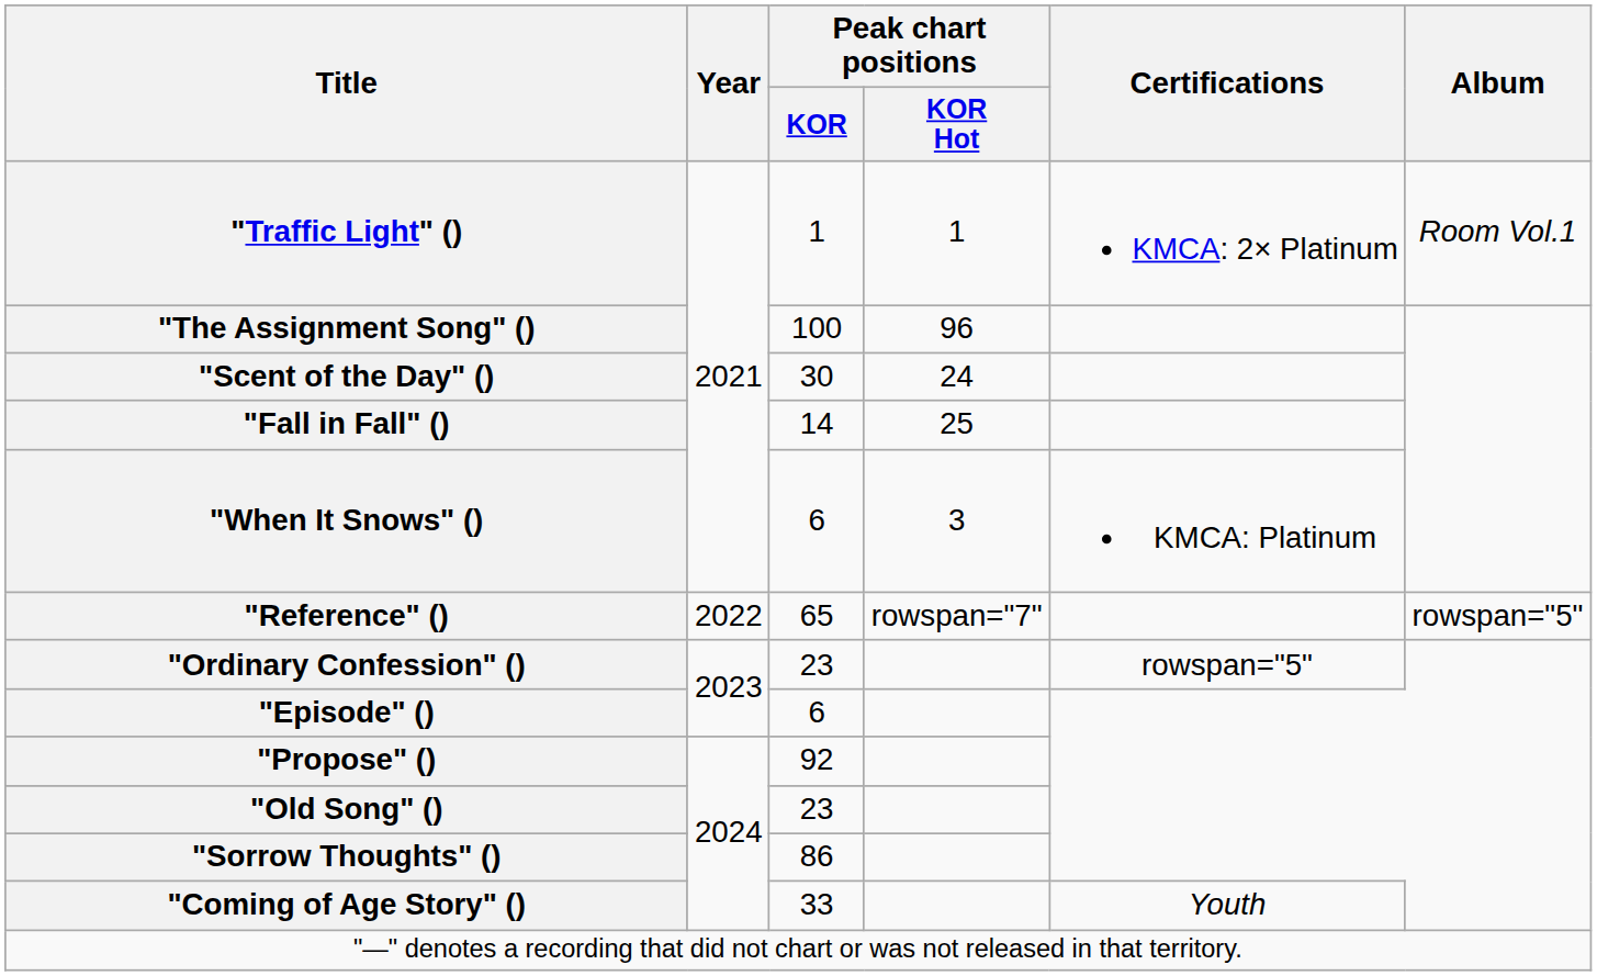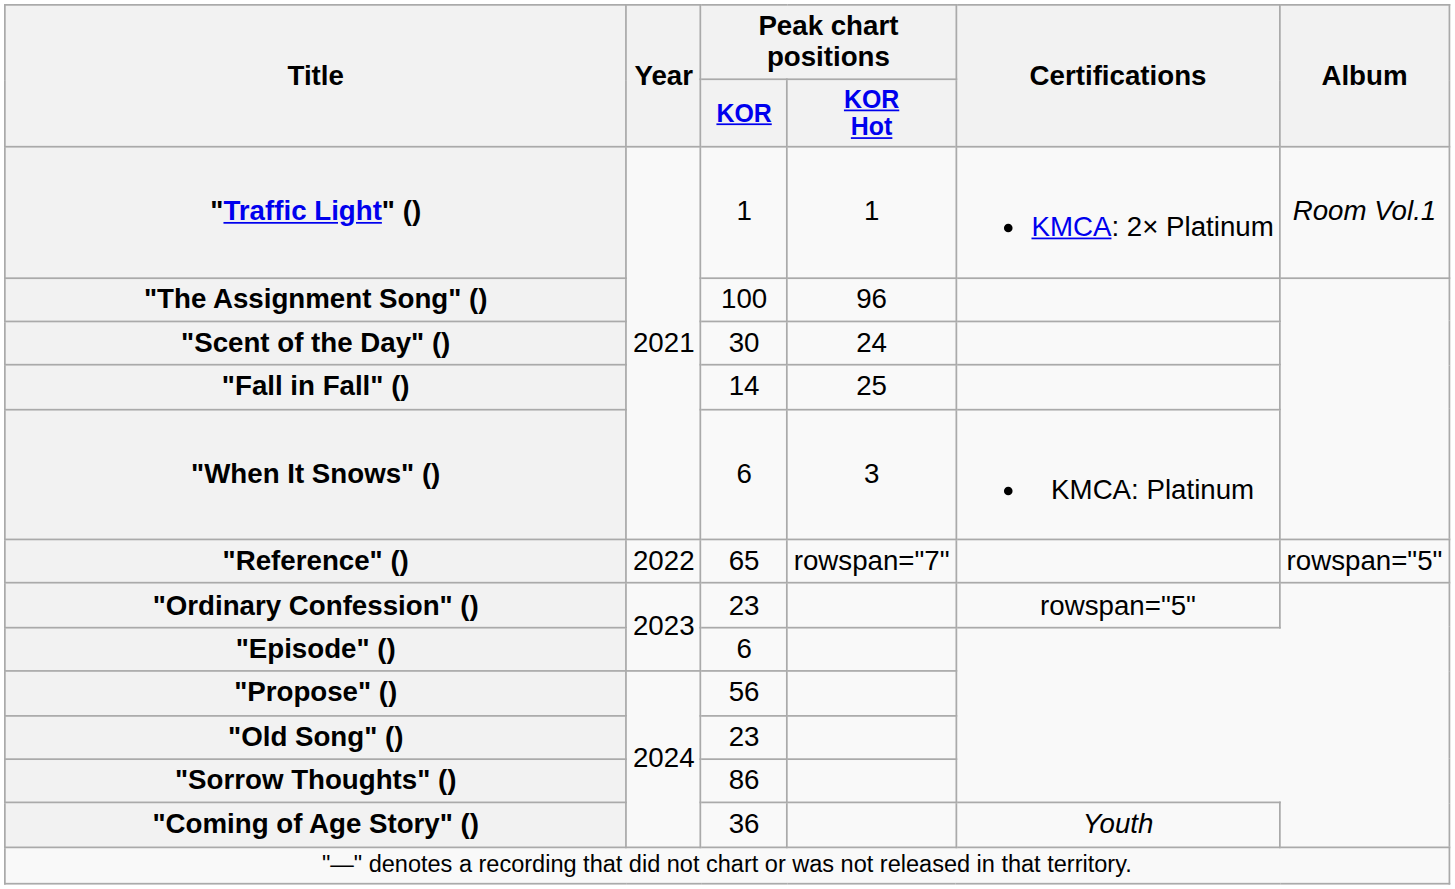 <table class="wikitable plainrowheaders" style="text-align:center;">
 <tr>
 <th scope="col" rowspan="2" style="width:22em;">Title</th>
 <th scope="col" rowspan="2">Year</th>
 <th scope="col" colspan="2">Peak chart positions</th>
 <th scope="col" rowspan="2">Certifications</th>
 <th scope="col" rowspan="2">Album</th>
 </tr>
 <tr>
 <th scope="col" style="width:3em;font-size:90%"><a href='#'>KOR</a><br></th>
 <th scope="col" style="width:3em;font-size:90%"><a href='#'>KOR<br>Hot</a><br></th>
 </tr>
 <tr>
 <th scope="row">"<a href='#'>Traffic Light</a>" ()</th>
 <td rowspan="5">2021</td>
 <td>1</td>
 <td>1</td>
 <td><br><ul><li><a href='#'>KMCA</a>: 2× Platinum</li></ul></td>
 <td><em>Room Vol.1</em></td>
 </tr>
 <tr>
 <th scope="row">"The Assignment Song" ()</th>
 <td>100</td>
 <td>96</td>
 <td></td>
 </tr>
 <tr>
 <th scope="row">"Scent of the Day" ()</th>
 <td>30</td>
 <td>24</td>
 <td></td>
 </tr>
 <tr>
 <th scope="row">"Fall in Fall" () </th>
 <td>14</td>
 <td>25</td>
 <td></td>
 </tr>
 <tr>
 <th scope="row">"When It Snows" () </th>
 <td>6</td>
 <td>3</td>
 <td><br><ul><li>KMCA: Platinum</li></ul></td>
 </tr>
 <tr>
 <th scope="row">"Reference" ()</th>
 <td>2022</td>
 <td>65</td>
 <td>rowspan="7" </td>
 <td></td>
 <td>rowspan="5" </td>
 </tr>
 <tr>
 <th scope="row">"Ordinary Confession" ()</th>
 <td rowspan="2">2023</td>
 <td>23</td>
 <td></td>
 <td>rowspan="5" </td>
 </tr>
 <tr>
 <th scope="row">"Episode" ()</th>
 <td>6</td>
 <td></td>
 </tr>
 <tr>
 <th scope="row">"Propose" ()</th>
 <td rowspan="4">2024</td>
-<td>92</td>
+<td>56</td>
 <td></td>
 </tr>
 <tr>
 <th scope="row">"Old Song" () </th>
 <td>23</td>
 <td></td>
 </tr>
 <tr>
 <th scope="row">"Sorrow Thoughts" ()</th>
 <td>86</td>
 <td></td>
 </tr>
 <tr>
 <th scope="row">"Coming of Age Story" ()</th>
-<td>33</td>
+<td>36</td>
 <td></td>
 <td><em>Youth</em></td>
 </tr>
 <tr>
 <td colspan="7" style="font-size:85%">"—" denotes a recording that did not chart or was not released in that territory.</td>
 </tr>
 </table>
